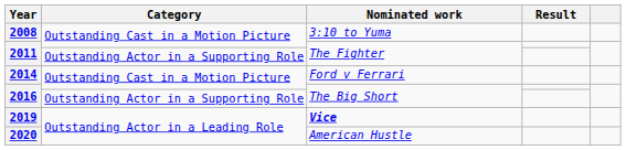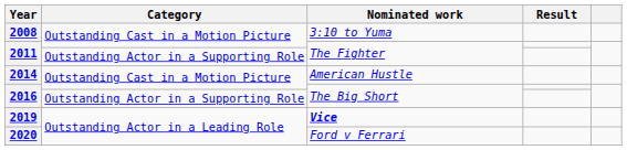 <table class="wikitable sortable">
 <tr>
 <th style="width:6%;" scope="col">Year</th>
 <th style="width:43%;" scope="col">Category</th>
 <th style="width:35%;" scope="col">Nominated work</th>
 <th style="width:11%;" scope="col">Result</th>
 <th style="width:5%;" scope="col" class="unsortable"></th>
 </tr>
 <tr>
 <th scope="row" style="text-align:center;"><a href='#'>2008</a></th>
 <td rowspan="2"><a href='#'>Outstanding Cast in a Motion Picture</a></td>
 <td><em><a href='#'>3:10 to Yuma</a></em></td>
 <td></td>
 <td style="text-align:center;"></td>
 </tr>
 <tr>
 <th scope="row" style="text-align:center;" rowspan="2"><a href='#'>2011</a></th>
 <td rowspan="2"><em><a href='#'>The Fighter</a></em></td>
 <td></td>
 <td style="text-align:center;" rowspan="2"></td>
 </tr>
 <tr>
 <td><a href='#'>Outstanding Actor in a Supporting Role</a></td>
 <td></td>
 </tr>
 <tr>
 <th scope="row" style="text-align:center;"><a href='#'>2014</a></th>
 <td rowspan="2"><a href='#'>Outstanding Cast in a Motion Picture</a></td>
-<td><em><a href='#'>Ford v Ferrari</a></em></td>
+<td><em><a href='#'>American Hustle</a></em></td>
 <td></td>
 <td style="text-align:center;"></td>
 </tr>
 <tr>
 <th scope="row" style="text-align:center;" rowspan="2"><a href='#'>2016</a></th>
 <td rowspan="2"><em><a href='#'>The Big Short</a></em></td>
 <td></td>
 <td style="text-align:center;" rowspan="2"></td>
 </tr>
 <tr>
 <td><a href='#'>Outstanding Actor in a Supporting Role</a></td>
 <td></td>
 </tr>
 <tr>
 <th scope="row" style="text-align:center;"><a href='#'>2019</a></th>
 <td rowspan="2"><a href='#'>Outstanding Actor in a Leading Role</a></td>
 <td><strong><em><a href='#'>Vice</a></em></strong></td>
 <td></td>
 <td style="text-align:center;"></td>
 </tr>
 <tr>
 <th scope="row" style="text-align:center;"><a href='#'>2020</a></th>
-<td><em><a href='#'>American Hustle</a></em></td>
+<td><em><a href='#'>Ford v Ferrari</a></em></td>
 <td></td>
 <td style="text-align:center;"></td>
 </tr>
 </table>
